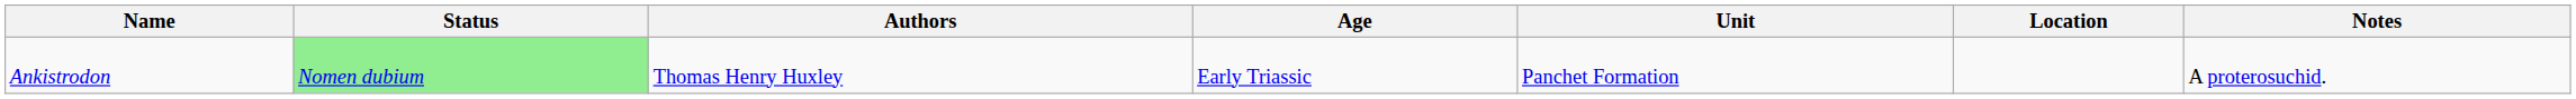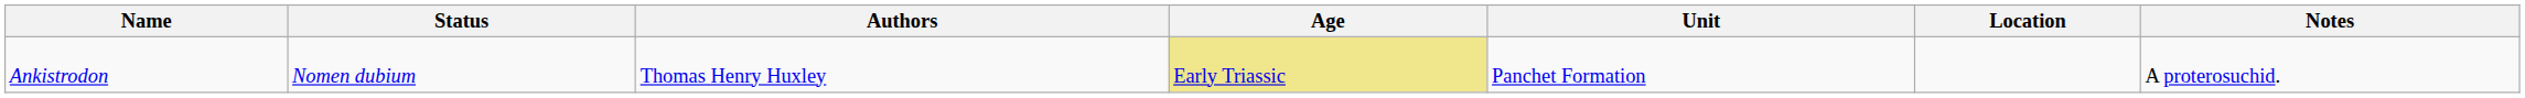 <table class="wikitable sortable" align="center" width="100%">
 <tr>
 <th>Name</th>
 <th>Status</th>
 <th colspan="2">Authors</th>
 <th>Age</th>
 <th>Unit</th>
 <th>Location</th>
 <th>Notes</th>
 </tr>
 <tr>
 <td><br><em><a href='#'>Ankistrodon</a></em></td>
-<td style="background: lightgreen;"><br><em><a href='#'>Nomen dubium</a></em></td>
+<td><br><em><a href='#'>Nomen dubium</a></em></td>
 <td style="border-right:0px" valign="top"><br><a href='#'>Thomas Henry Huxley</a></td>
 <td style="border-left:0px" valign="top"></td>
-<td><br><a href='#'>Early Triassic</a></td>
+<td style="background: khaki;"><br><a href='#'>Early Triassic</a></td>
 <td><br><a href='#'>Panchet Formation</a></td>
 <td><br></td>
 <td><br>A <a href='#'>proterosuchid</a>.</td>
 </tr>
 </table>
